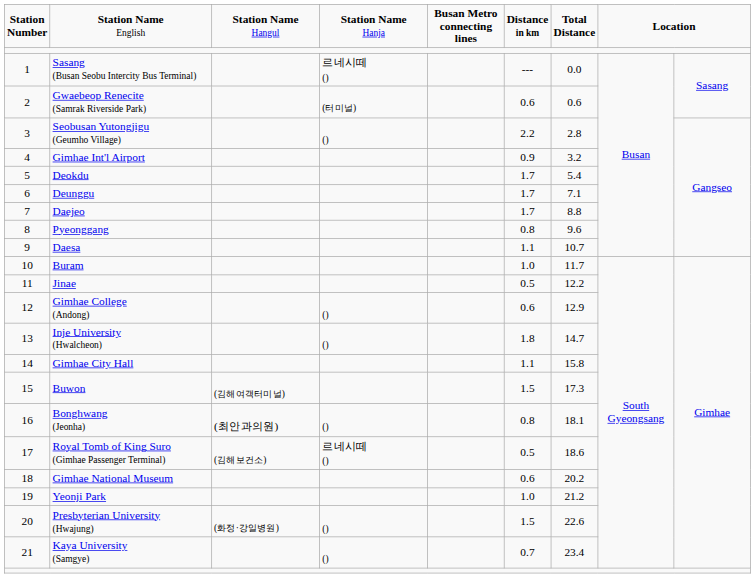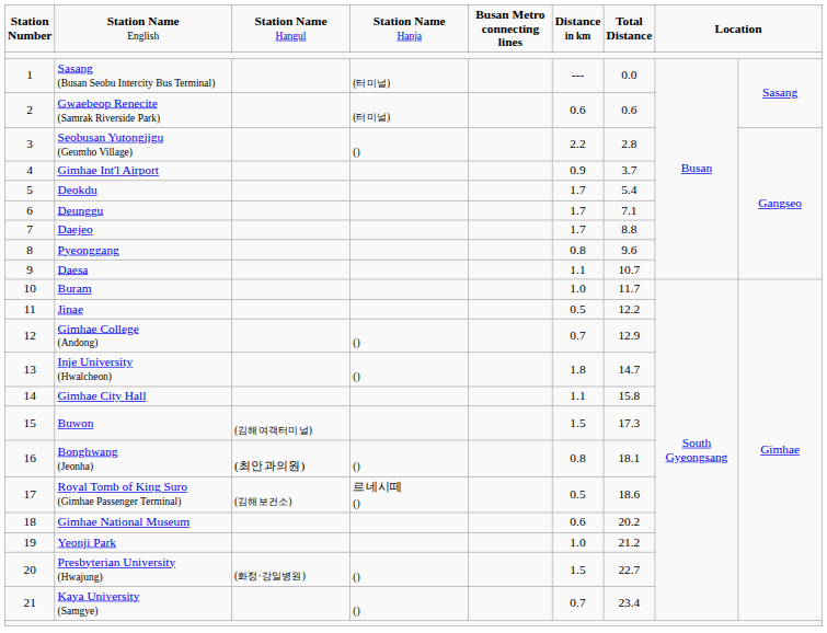 <table class="wikitable">
 <tr>
 <td align="center"><strong>Station<br>Number</strong></td>
 <td width = "220pt" align="center"><strong>Station Name</strong><br><small>English</small></td>
 <td width = "145pt" align="center"><strong>Station Name</strong><br><small><a href='#'>Hangul</a></small></td>
 <td width = "145pt" align="center"><strong>Station Name</strong><br><small><a href='#'>Hanja</a></small></td>
 <td width = "100pt" align="center"><strong>Busan Metro connecting lines</strong></td>
 <td align="center"><strong>Distance<br><small>in km</small></strong></td>
 <td align="center"><strong>Total<br>Distance</strong></td>
 <td colspan = "2" align="center"><strong>Location</strong></td>
 </tr>
 <tr style="background:#">
 <td colspan = "10"></td>
 </tr>
 <tr>
 <td align="center">1</td>
 <td><a href='#'>Sasang</a><br><small>(Busan Seobu Intercity Bus Terminal)</small></td>
 <td><br><small></small></td>
-<td>르네시떼<br><small>()</small></td>
+<td><br><small>(터미널)</small></td>
 <td></td>
 <td align="center">---</td>
 <td align="center">0.0</td>
 <td width = "75pt" rowspan = "9" align="center"><a href='#'>Busan</a></td>
 <td width = "100pt" rowspan = "2" align="center"><a href='#'>Sasang</a></td>
 </tr>
 <tr>
 <td align="center">2</td>
 <td><a href='#'>Gwaebeop Renecite</a><br><small>(Samrak Riverside Park)</small></td>
 <td><br><small></small></td>
 <td><br><small>(터미널)</small></td>
 <td></td>
 <td align="center">0.6</td>
 <td align="center">0.6</td>
 </tr>
 <tr>
 <td align="center">3</td>
 <td><a href='#'>Seobusan Yutongjigu</a><br><small>(Geumho Village)</small></td>
 <td><br><small></small></td>
 <td><br><small>()</small></td>
 <td></td>
 <td align="center">2.2</td>
 <td align="center">2.8</td>
 <td width = "100pt" rowspan = "7" align="center"><a href='#'>Gangseo</a></td>
 </tr>
 <tr>
 <td align="center">4</td>
 <td><a href='#'>Gimhae Int'l Airport</a></td>
 <td></td>
 <td></td>
 <td></td>
 <td align="center">0.9</td>
-<td align="center">3.2</td>
+<td align="center">3.7</td>
 </tr>
 <tr>
 <td align="center">5</td>
 <td><a href='#'>Deokdu</a></td>
 <td></td>
 <td></td>
 <td></td>
 <td align="center">1.7</td>
 <td align="center">5.4</td>
 </tr>
 <tr>
 <td align="center">6</td>
 <td><a href='#'>Deunggu</a></td>
 <td></td>
 <td></td>
 <td></td>
 <td align="center">1.7</td>
 <td align="center">7.1</td>
 </tr>
 <tr>
 <td align="center">7</td>
 <td><a href='#'>Daejeo</a></td>
 <td></td>
 <td></td>
 <td></td>
 <td align="center">1.7</td>
 <td align="center">8.8</td>
 </tr>
 <tr>
 <td align="center">8</td>
 <td><a href='#'>Pyeonggang</a></td>
 <td></td>
 <td></td>
 <td></td>
 <td align="center">0.8</td>
 <td align="center">9.6</td>
 </tr>
 <tr>
 <td align="center">9</td>
 <td><a href='#'>Daesa</a></td>
 <td></td>
 <td></td>
 <td></td>
 <td align="center">1.1</td>
 <td align="center">10.7</td>
 </tr>
 <tr>
 <td align="center">10</td>
 <td><a href='#'>Buram</a></td>
 <td></td>
 <td></td>
 <td></td>
 <td align="center">1.0</td>
 <td align="center">11.7</td>
 <td width = "100pt" rowspan = "12" align="center"><a href='#'>South Gyeongsang</a></td>
 <td width = "100pt" rowspan = "12" align="center"><a href='#'>Gimhae</a></td>
 </tr>
 <tr>
 <td align="center">11</td>
 <td><a href='#'>Jinae</a></td>
 <td></td>
 <td></td>
 <td></td>
 <td align="center">0.5</td>
 <td align="center">12.2</td>
 </tr>
 <tr>
 <td align="center">12</td>
 <td><a href='#'>Gimhae College</a><br><small>(Andong)</small></td>
 <td><br><small></small></td>
 <td><br><small>()</small></td>
 <td></td>
-<td align="center">0.6</td>
+<td align="center">0.7</td>
 <td align="center">12.9</td>
 </tr>
 <tr>
 <td align="center">13</td>
 <td><a href='#'>Inje University</a><br><small>(Hwalcheon)</small></td>
 <td><br><small></small></td>
 <td><br><small>()</small></td>
 <td></td>
 <td align="center">1.8</td>
 <td align="center">14.7</td>
 </tr>
 <tr>
 <td align="center">14</td>
 <td><a href='#'>Gimhae City Hall</a></td>
 <td></td>
 <td></td>
 <td></td>
 <td align="center">1.1</td>
 <td align="center">15.8</td>
 </tr>
 <tr>
 <td align="center">15</td>
 <td><a href='#'>Buwon</a></td>
 <td><br><small>(김해여객터미널)</small></td>
 <td></td>
 <td></td>
 <td align="center">1.5</td>
 <td align="center">17.3</td>
 </tr>
 <tr>
 <td align="center">16</td>
 <td><a href='#'>Bonghwang</a><br><small>(Jeonha)</small></td>
 <td><br>(최안과의원)</td>
 <td><br><small>()</small></td>
 <td></td>
 <td align="center">0.8</td>
 <td align="center">18.1</td>
 </tr>
 <tr>
 <td align="center">17</td>
 <td><a href='#'>Royal Tomb of King Suro</a><br><small>(Gimhae Passenger Terminal)</small></td>
 <td><br><small>(김해보건소)</small></td>
 <td>르네시떼<br><small>()</small></td>
 <td></td>
 <td align="center">0.5</td>
 <td align="center">18.6</td>
 </tr>
 <tr>
 <td align="center">18</td>
 <td><a href='#'>Gimhae National Museum</a></td>
 <td></td>
 <td></td>
 <td></td>
 <td align="center">0.6</td>
 <td align="center">20.2</td>
 </tr>
 <tr>
 <td align="center">19</td>
 <td><a href='#'>Yeonji Park</a></td>
 <td></td>
 <td></td>
 <td></td>
 <td align="center">1.0</td>
 <td align="center">21.2</td>
 </tr>
 <tr>
 <td align="center">20</td>
 <td><a href='#'>Presbyterian University</a><br><small>(Hwajung)</small></td>
 <td><br><small>(화정·강일병원)</small></td>
 <td><br><small>()</small></td>
 <td></td>
 <td align="center">1.5</td>
-<td align="center">22.6</td>
+<td align="center">22.7</td>
 </tr>
 <tr>
 <td align="center">21</td>
 <td><a href='#'>Kaya University</a><br><small>(Samgye)</small></td>
 <td><br><small></small></td>
 <td><br><small>()</small></td>
 <td></td>
 <td align="center">0.7</td>
 <td align="center">23.4</td>
 </tr>
 <tr style="background:#">
 <td colspan = "10"></td>
 </tr>
 </table>
